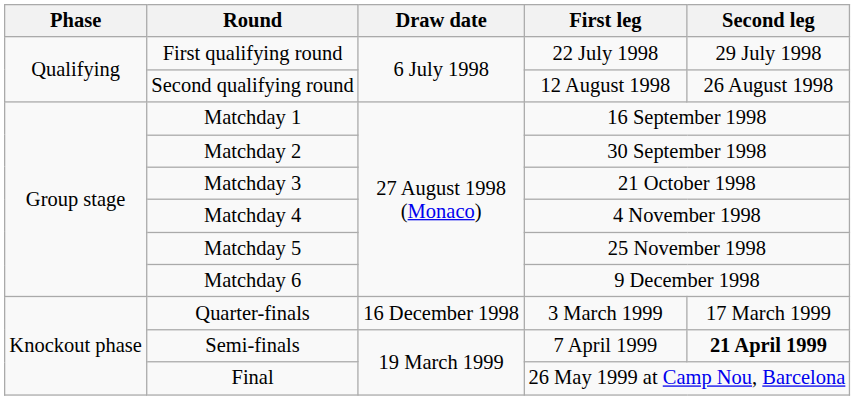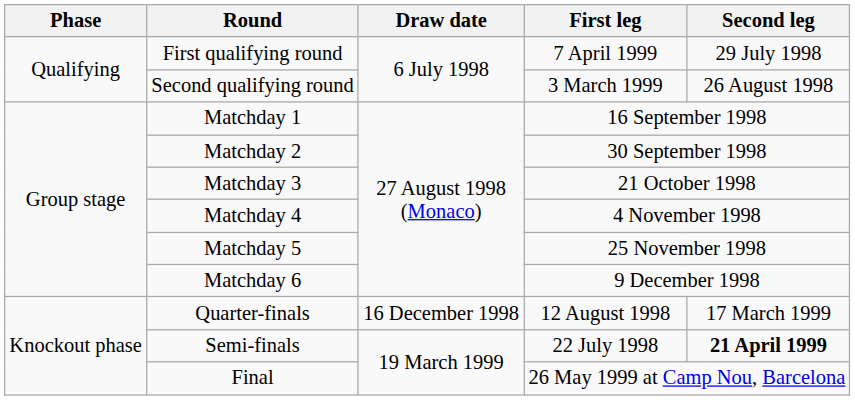 <table class="wikitable" style="text-align:center">
 <tr>
 <th>Phase</th>
 <th>Round</th>
 <th>Draw date</th>
 <th>First leg</th>
 <th>Second leg</th>
 </tr>
 <tr>
 <td rowspan=2>Qualifying</td>
 <td>First qualifying round</td>
 <td rowspan=2>6 July 1998</td>
-<td>22 July 1998</td>
+<td>7 April 1999</td>
 <td>29 July 1998</td>
 </tr>
 <tr>
 <td>Second qualifying round</td>
-<td>12 August 1998</td>
+<td>3 March 1999</td>
 <td>26 August 1998</td>
 </tr>
 <tr>
 <td rowspan=6>Group stage</td>
 <td>Matchday 1</td>
 <td rowspan=6>27 August 1998<br>(<a href='#'>Monaco</a>)</td>
 <td colspan=2>16 September 1998</td>
 </tr>
 <tr>
 <td>Matchday 2</td>
 <td colspan=2>30 September 1998</td>
 </tr>
 <tr>
 <td>Matchday 3</td>
 <td colspan=2>21 October 1998</td>
 </tr>
 <tr>
 <td>Matchday 4</td>
 <td colspan=2>4 November 1998</td>
 </tr>
 <tr>
 <td>Matchday 5</td>
 <td colspan=2>25 November 1998</td>
 </tr>
 <tr>
 <td>Matchday 6</td>
 <td colspan=2>9 December 1998</td>
 </tr>
 <tr>
 <td rowspan=3>Knockout phase</td>
 <td>Quarter-finals</td>
 <td>16 December 1998</td>
-<td>3 March 1999</td>
+<td>12 August 1998</td>
 <td>17 March 1999</td>
 </tr>
 <tr>
 <td>Semi-finals</td>
 <td rowspan=2>19 March 1999</td>
-<td>7 April 1999</td>
+<td>22 July 1998</td>
 <td><strong>21 April 1999</strong></td>
 </tr>
 <tr>
 <td>Final</td>
 <td colspan=2>26 May 1999 at <a href='#'>Camp Nou</a>, <a href='#'>Barcelona</a></td>
 </tr>
 </table>
